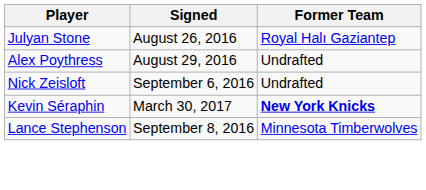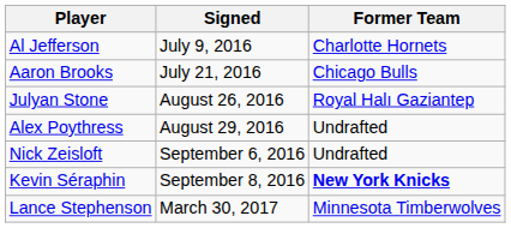 <table class="wikitable sortable sortable">
 <tr>
 <th>Player</th>
 <th>Signed</th>
 <th>Former Team</th>
+</tr>
+<tr>
+<td><a href='#'>Al Jefferson</a></td>
+<td>July 9, 2016</td>
+<td><a href='#'>Charlotte Hornets</a></td>
+</tr>
+<tr>
+<td><a href='#'>Aaron Brooks</a></td>
+<td>July 21, 2016</td>
+<td><a href='#'>Chicago Bulls</a></td>
 </tr>
 <tr>
 <td><a href='#'>Julyan Stone</a></td>
 <td>August 26, 2016</td>
 <td><a href='#'>Royal Halı Gaziantep</a> </td>
 </tr>
 <tr>
 <td><a href='#'>Alex Poythress</a></td>
 <td>August 29, 2016</td>
 <td>Undrafted</td>
 </tr>
 <tr>
 <td><a href='#'>Nick Zeisloft</a></td>
 <td>September 6, 2016</td>
 <td>Undrafted</td>
 </tr>
 <tr>
 <td><a href='#'>Kevin Séraphin</a></td>
-<td>March 30, 2017</td>
+<td>September 8, 2016</td>
 <td><strong><a href='#'>New York Knicks</a></strong></td>
 </tr>
 <tr>
 <td><a href='#'>Lance Stephenson</a></td>
-<td>September 8, 2016</td>
+<td>March 30, 2017</td>
 <td><a href='#'>Minnesota Timberwolves</a></td>
 </tr>
 </table>
